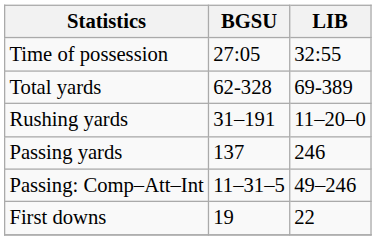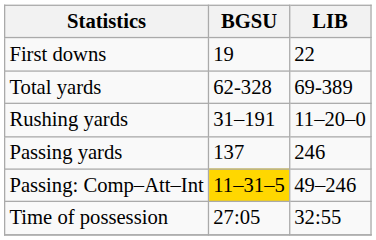 <table class="wikitable" style="float: left;">
 <tr>
 <th>Statistics</th>
 <th>BGSU</th>
 <th>LIB</th>
 </tr>
 <tr>
-<td>Time of possession</td>
-<td>27:05</td>
-<td>32:55</td>
+<td>First downs</td>
+<td>19</td>
+<td>22</td>
 </tr>
 <tr>
 <td>Total yards</td>
 <td>62-328</td>
 <td>69-389</td>
 </tr>
 <tr>
 <td>Rushing yards</td>
 <td>31–191</td>
 <td>11–20–0</td>
 </tr>
 <tr>
 <td>Passing yards</td>
 <td>137</td>
 <td>246</td>
 </tr>
 <tr>
 <td>Passing: Comp–Att–Int</td>
-<td>11–31–5</td>
+<td style="background: gold;">11–31–5</td>
 <td>49–246</td>
 </tr>
 <tr>
-<td>First downs</td>
-<td>19</td>
-<td>22</td>
+<td>Time of possession</td>
+<td>27:05</td>
+<td>32:55</td>
 </tr>
 <tr>
 </tr>
 </table>
